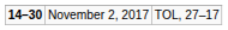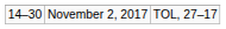 <table class="wikitable">
 <tr align="center">
 </tr>
 <tr align="center">
-<td><strong>14–30</strong></td>
+<td>14–30</td>
 <td>November 2, 2017</td>
 <td>TOL, 27–17</td>
 </tr>
 </table>
